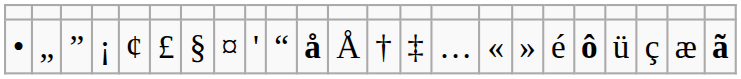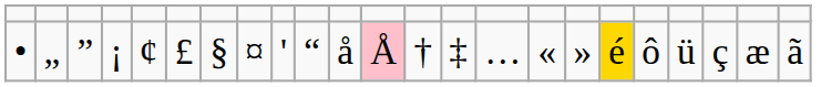 <table class="wikitable" style="text-align: center">
 <tr>
 <td></td>
 <td></td>
 <td></td>
 <td></td>
 <td></td>
 <td></td>
 <td></td>
 <td></td>
 <td></td>
 <td></td>
 <td></td>
 <td></td>
 <td></td>
 <td></td>
 <td></td>
 <td></td>
 <td></td>
 <td></td>
 <td></td>
 <td></td>
 <td></td>
 <td></td>
 <td></td>
 </tr>
 <tr>
 <td>•</td>
 <td>„</td>
 <td>”</td>
 <td>¡</td>
 <td>¢</td>
 <td>£</td>
 <td>§</td>
 <td>¤</td>
 <td>'</td>
 <td>“</td>
-<td><strong>å</strong></td>
-<td>Å</td>
+<td>å</td>
+<td style="background: pink;">Å</td>
 <td>†</td>
 <td>‡</td>
 <td>…</td>
 <td>«</td>
 <td>»</td>
-<td>é</td>
-<td><strong>ô</strong></td>
+<td style="background: gold;">é</td>
+<td>ô</td>
 <td>ü</td>
 <td>ç</td>
 <td>æ</td>
-<td><strong>ã</strong></td>
+<td>ã</td>
 </tr>
 </table>
